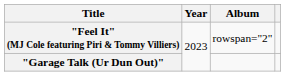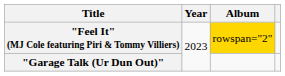 <table class="wikitable plainrowheaders" style="text-align:center;">
 <tr>
 <th scope="col">Title</th>
 <th scope="col">Year</th>
 <th scope="col">Album</th>
 <th scope="col"></th>
 </tr>
 <tr>
 <th scope="row">"Feel It"<br><small>(MJ Cole featuring Piri & Tommy Villiers)</small></th>
 <td rowspan="2">2023</td>
-<td>rowspan="2" </td>
+<td style="background: gold;">rowspan="2" </td>
 <td></td>
 </tr>
 <tr>
 <th scope="row">"Garage Talk (Ur Dun Out)"<br></th>
 <td></td>
 </tr>
 </table>
